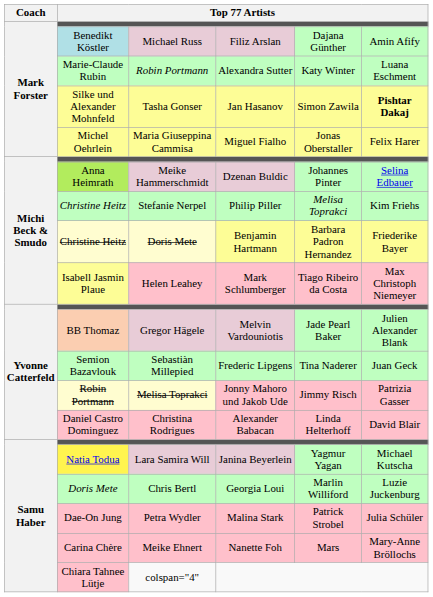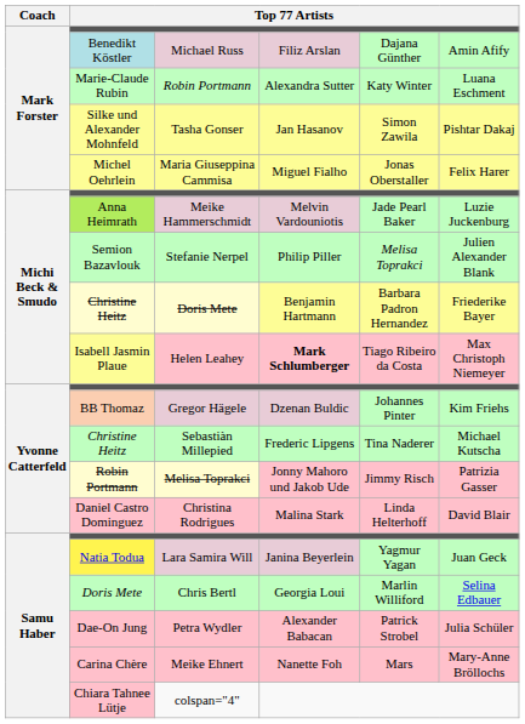 <table class="wikitable" style="text-align:center; width:100%;">
 <tr>
 <th scope="col" style="width:09%;">Coach</th>
 <th scope="col" colspan="5">Top 77 Artists</th>
 </tr>
 <tr>
 <th scope="row" rowspan="5">Mark Forster</th>
 <td colspan=5 style="background:#555555;"></td>
 </tr>
 <tr>
 <td style="background:#B0E0E6;">Benedikt Köstler</td>
 <td style="background:#E8CCD7;">Michael Russ</td>
 <td style="background:#E8CCD7;">Filiz Arslan</td>
 <td style="background:#BFFFC0;">Dajana Günther</td>
 <td style="background:#BFFFC0;">Amin Afify</td>
 </tr>
 <tr>
 <td style="background:#BFFFC0;">Marie-Claude Rubin</td>
 <td style="background:#BFFFC0;"><em>Robin Portmann</em></td>
 <td style="background:#BFFFC0;">Alexandra Sutter</td>
 <td style="background:#BFFFC0;">Katy Winter</td>
 <td style="background:#BFFFC0;">Luana Eschment</td>
 </tr>
 <tr>
 <td style="background:#FDFD96">Silke und Alexander Mohnfeld</td>
 <td style="background:#FDFD96">Tasha Gonser</td>
 <td style="background:#FDFD96">Jan Hasanov</td>
 <td style="background:#FDFD96">Simon Zawila</td>
-<td style="background:#FDFD96"><strong>Pishtar Dakaj</strong></td>
+<td style="background:#FDFD96">Pishtar Dakaj</td>
 </tr>
 <tr>
 <td style="background:#FDFD96">Michel Oehrlein</td>
 <td style="background:#FDFD96">Maria Giuseppina Cammisa</td>
 <td style="background:#FDFD96">Miguel Fialho</td>
 <td style="background:#FDFD96">Jonas Oberstaller</td>
 <td style="background:#FDFD96">Felix Harer</td>
 </tr>
 <tr>
 <th scope="row" rowspan="5">Michi Beck & Smudo</th>
 <td colspan=5 style="background:#555555;"></td>
 </tr>
 <tr>
 <td style="background:#B2EC5D;">Anna Heimrath</td>
 <td style="background:#E8CCD7;">Meike Hammerschmidt</td>
-<td style="background:#E8CCD7;">Dzenan Buldic</td>
-<td style="background:#BFFFC0;">Johannes Pinter</td>
-<td style="background:#BFFFC0;"><a href='#'>Selina Edbauer</a></td>
+<td style="background:#E8CCD7;">Melvin Vardouniotis</td>
+<td style="background:#BFFFC0;">Jade Pearl Baker</td>
+<td style="background:#BFFFC0;">Luzie Juckenburg</td>
 </tr>
 <tr>
-<td style="background:#BFFFC0;"><em>Christine Heitz</em></td>
+<td style="background:#BFFFC0;">Semion Bazavlouk</td>
 <td style="background:#BFFFC0;">Stefanie Nerpel</td>
 <td style="background:#BFFFC0;">Philip Piller</td>
 <td style="background:#BFFFC0;"><em>Melisa Toprakci</em></td>
-<td style="background:#BFFFC0;">Kim Friehs</td>
+<td style="background:#BFFFC0;">Julien Alexander Blank</td>
 </tr>
 <tr>
 <td style="background:#FFFDD0;"><s>Christine Heitz</s></td>
 <td style="background:#FFFDD0;"><s>Doris Mete</s></td>
 <td style="background:#FDFD96">Benjamin Hartmann</td>
 <td style="background:#FDFD96">Barbara Padron Hernandez</td>
 <td style="background:#FDFD96">Friederike Bayer</td>
 </tr>
 <tr>
 <td style="background:#FDFD96">Isabell Jasmin Plaue</td>
 <td style="background:pink">Helen Leahey</td>
-<td style="background:pink">Mark Schlumberger</td>
+<td style="background:pink"><strong>Mark Schlumberger</strong></td>
 <td style="background:pink">Tiago Ribeiro da Costa</td>
 <td style="background:pink">Max Christoph Niemeyer</td>
 </tr>
 <tr>
 <th scope="row" rowspan="5">Yvonne Catterfeld</th>
 <td colspan=5 style="background:#555555;"></td>
 </tr>
 <tr>
 <td style="background:#FBCEB1;">BB Thomaz</td>
 <td style="background:#E8CCD7;">Gregor Hägele</td>
-<td style="background:#E8CCD7;">Melvin Vardouniotis</td>
-<td style="background:#BFFFC0;">Jade Pearl Baker</td>
-<td style="background:#BFFFC0;">Julien Alexander Blank</td>
+<td style="background:#E8CCD7;">Dzenan Buldic</td>
+<td style="background:#BFFFC0;">Johannes Pinter</td>
+<td style="background:#BFFFC0;">Kim Friehs</td>
 </tr>
 <tr>
-<td style="background:#BFFFC0;">Semion Bazavlouk</td>
+<td style="background:#BFFFC0;"><em>Christine Heitz</em></td>
 <td style="background:#BFFFC0;">Sebastiàn Millepied</td>
 <td style="background:#BFFFC0;">Frederic Lipgens</td>
 <td style="background:#BFFFC0;">Tina Naderer</td>
-<td style="background:#BFFFC0;">Juan Geck</td>
+<td style="background:#BFFFC0;">Michael Kutscha</td>
 </tr>
 <tr>
 <td style="background:#FFFDD0;"><s>Robin Portmann</s></td>
 <td style="background:#FFFDD0;"><s>Melisa Toprakci</s></td>
 <td style="background:pink">Jonny Mahoro und Jakob Ude</td>
 <td style="background:pink">Jimmy Risch</td>
 <td style="background:pink">Patrizia Gasser</td>
 </tr>
 <tr>
 <td style="background:pink">Daniel Castro Dominguez</td>
 <td style="background:pink">Christina Rodrigues</td>
-<td style="background:pink">Alexander Babacan</td>
+<td style="background:pink">Malina Stark</td>
 <td style="background:pink">Linda Helterhoff</td>
 <td style="background:pink">David Blair</td>
 </tr>
 <tr>
 <th scope="row" rowspan="6">Samu Haber</th>
 <td colspan=5 style="background:#555555;"></td>
 </tr>
 <tr>
 <td style="background:#FFF44F;"><a href='#'>Natia Todua</a></td>
 <td style="background:#E8CCD7;">Lara Samira Will</td>
 <td style="background:#E8CCD7;">Janina Beyerlein</td>
 <td style="background:#BFFFC0;">Yagmur Yagan</td>
-<td style="background:#BFFFC0;">Michael Kutscha</td>
+<td style="background:#BFFFC0;">Juan Geck</td>
 </tr>
 <tr>
 <td style="background:#BFFFC0;"><em>Doris Mete</em></td>
 <td style="background:#BFFFC0;">Chris Bertl</td>
 <td style="background:#BFFFC0;">Georgia Loui</td>
 <td style="background:#BFFFC0;">Marlin Williford</td>
-<td style="background:#BFFFC0;">Luzie Juckenburg</td>
+<td style="background:#BFFFC0;"><a href='#'>Selina Edbauer</a></td>
 </tr>
 <tr>
 <td style="background:pink">Dae-On Jung</td>
 <td style="background:pink">Petra Wydler</td>
-<td style="background:pink">Malina Stark</td>
+<td style="background:pink">Alexander Babacan</td>
 <td style="background:pink">Patrick Strobel</td>
 <td style="background:pink">Julia Schüler</td>
 </tr>
 <tr>
 <td style="background:pink">Carina Chère</td>
 <td style="background:pink">Meike Ehnert</td>
 <td style="background:pink">Nanette Foh</td>
 <td style="background:pink">Mars</td>
 <td style="background:pink">Mary-Anne Bröllochs</td>
 </tr>
 <tr>
 <td style="background:pink">Chiara Tahnee Lütje</td>
 <td>colspan="4" </td>
 </tr>
 </table>
